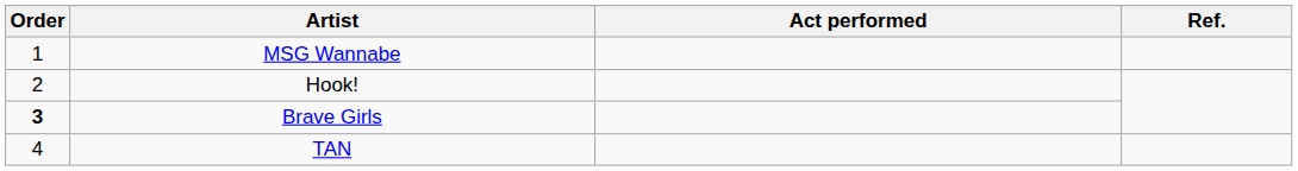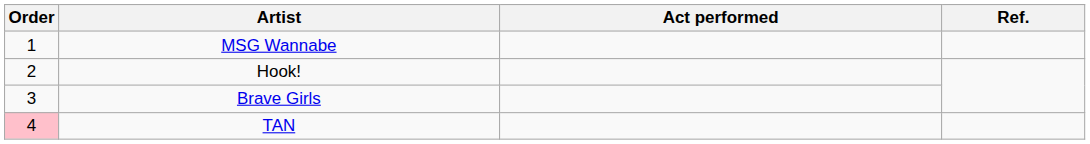 <table class="wikitable" style="text-align:center;">
 <tr>
 <th scope="col" width="5%">Order</th>
 <th scope="col">Artist</th>
 <th scope="col">Act performed</th>
 <th>Ref.</th>
 </tr>
 <tr>
 <td>1</td>
 <td><a href='#'>MSG Wannabe</a></td>
 <td></td>
 <td></td>
 </tr>
 <tr>
 <td>2</td>
 <td>Hook!</td>
 <td></td>
 <td rowspan=2></td>
 </tr>
 <tr>
-<td><strong>3</strong></td>
+<td>3</td>
 <td><a href='#'>Brave Girls</a></td>
 <td></td>
 </tr>
 <tr>
-<td>4</td>
+<td style="background: pink;">4</td>
 <td><a href='#'>TAN</a></td>
 <td></td>
 <td></td>
 </tr>
 </table>
